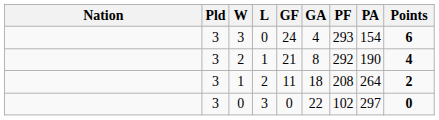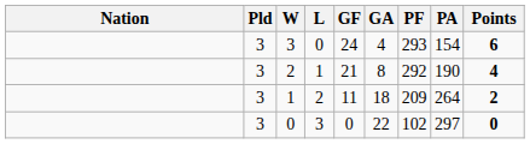 <table class=wikitable style="text-align:center">
 <tr>
 <th width=220>Nation</th>
 <th width=20>Pld</th>
 <th width=20>W</th>
 <th width=20>L</th>
 <th width=20>GF</th>
 <th width=20>GA</th>
 <th width=20>PF</th>
 <th width=20>PA</th>
 <th width=50>Points</th>
 </tr>
 <tr>
 <td align=left></td>
 <td>3</td>
 <td>3</td>
 <td>0</td>
 <td>24</td>
 <td>4</td>
 <td>293</td>
 <td>154</td>
 <td><strong>6</strong></td>
 </tr>
 <tr>
 <td align=left></td>
 <td>3</td>
 <td>2</td>
 <td>1</td>
 <td>21</td>
 <td>8</td>
 <td>292</td>
 <td>190</td>
 <td><strong>4</strong></td>
 </tr>
 <tr>
 <td align=left></td>
 <td>3</td>
 <td>1</td>
 <td>2</td>
 <td>11</td>
 <td>18</td>
-<td>208</td>
+<td>209</td>
 <td>264</td>
 <td><strong>2</strong></td>
 </tr>
 <tr>
 <td align=left></td>
 <td>3</td>
 <td>0</td>
 <td>3</td>
 <td>0</td>
 <td>22</td>
 <td>102</td>
 <td>297</td>
 <td><strong>0</strong></td>
 </tr>
 </table>
